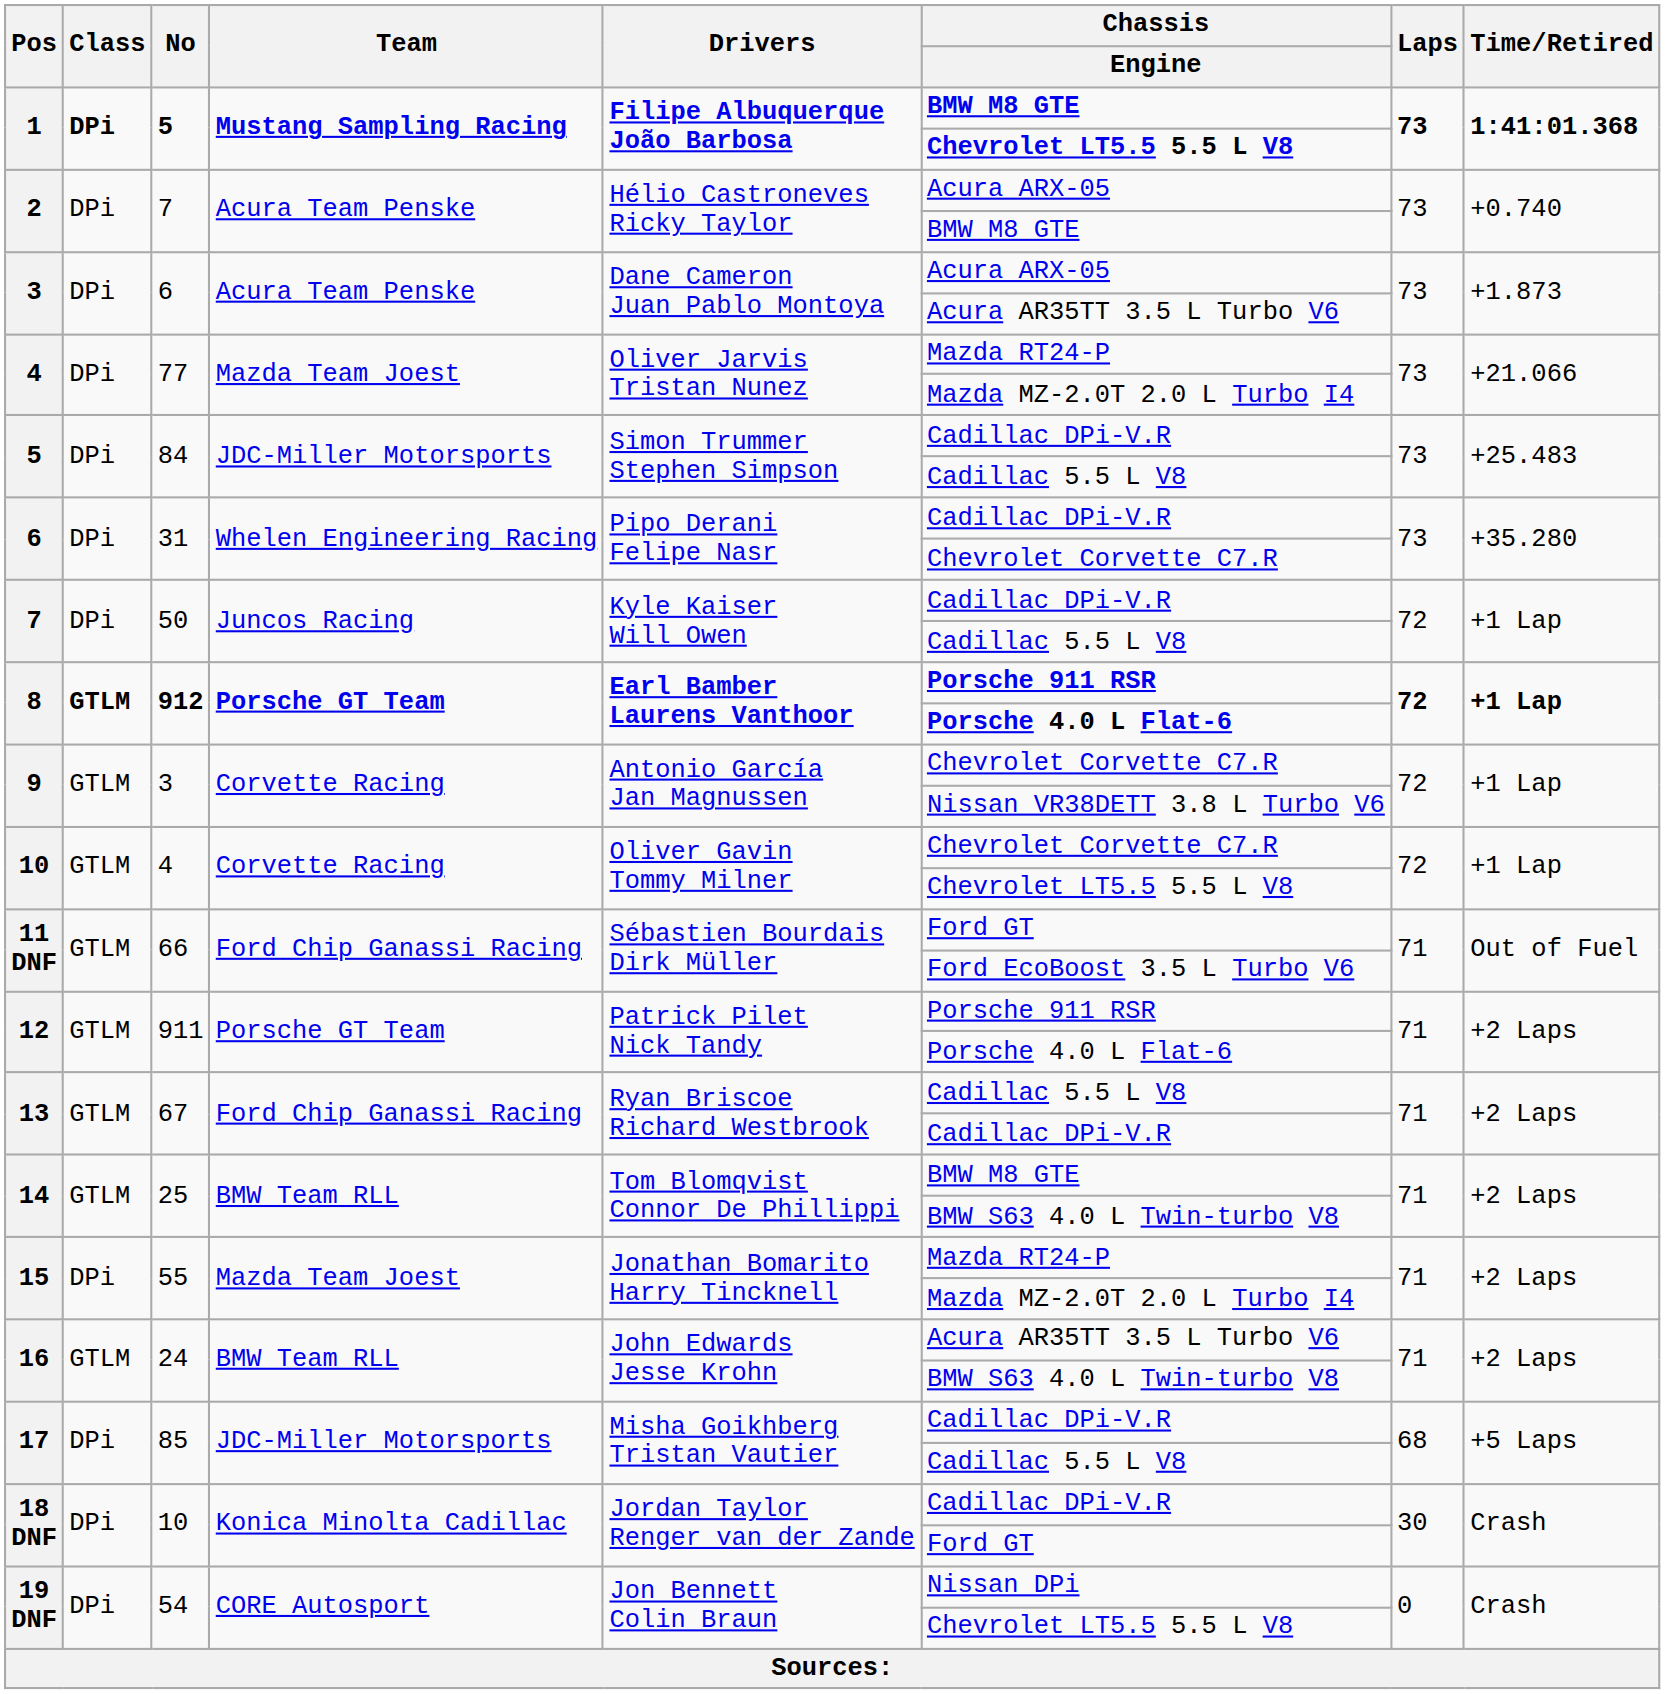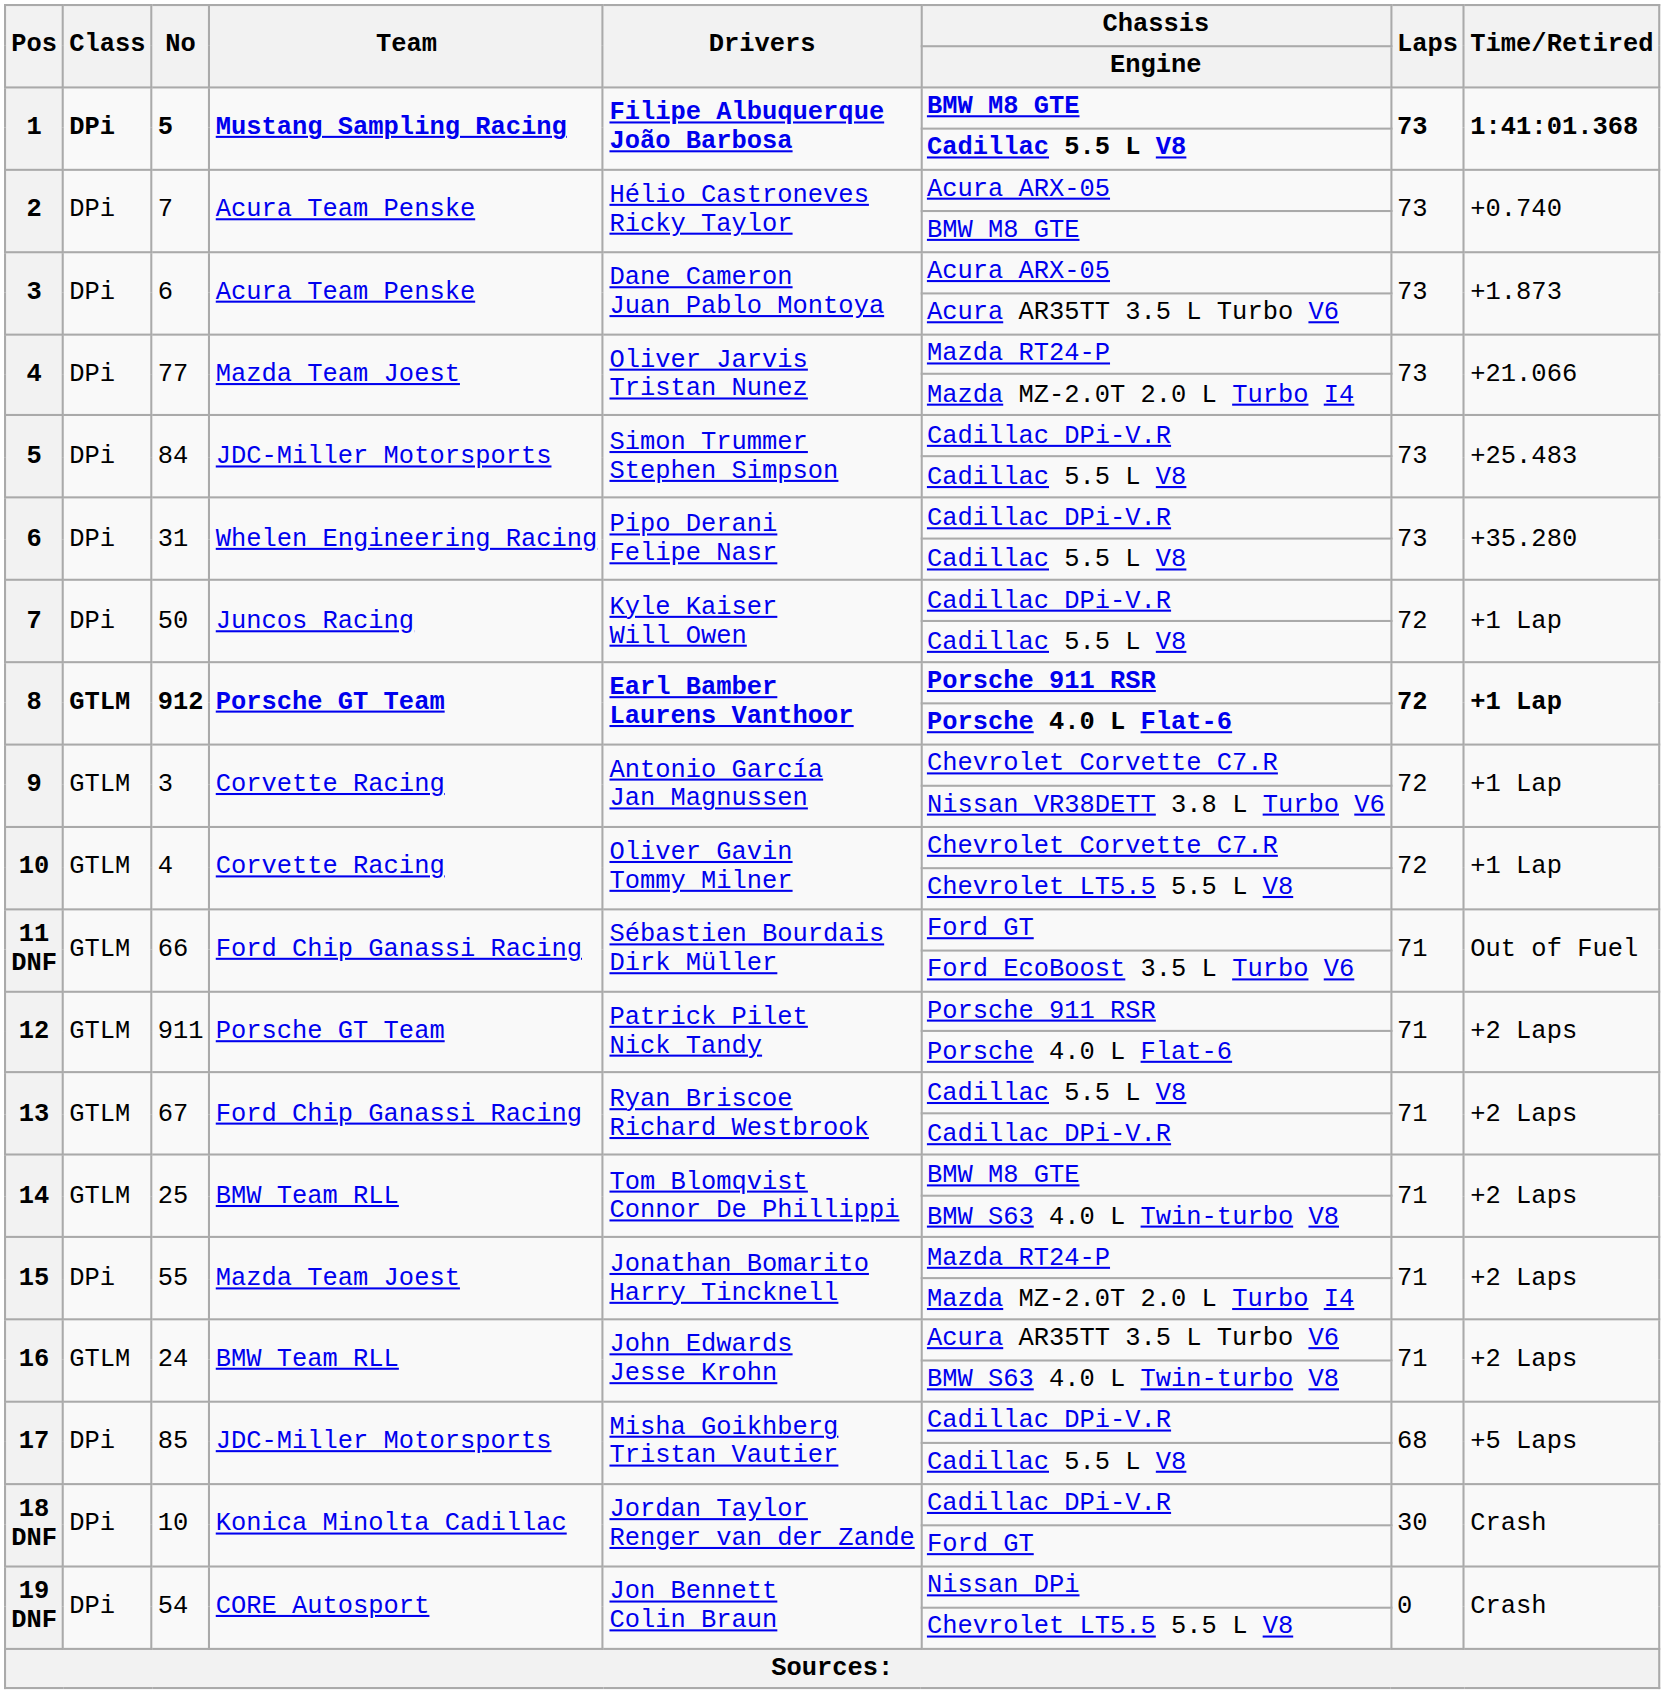 <table class="wikitable" style="font-size: 95%;">
 <tr>
 <th rowspan=2>Pos</th>
 <th rowspan=2>Class</th>
 <th rowspan=2>No</th>
 <th rowspan=2>Team</th>
 <th rowspan=2>Drivers</th>
 <th>Chassis</th>
 <th rowspan=2>Laps</th>
 <th rowspan=2>Time/Retired</th>
 </tr>
 <tr>
 <th>Engine</th>
 </tr>
 <tr style="font-weight:bold">
 <th rowspan=2>1</th>
 <td rowspan=2>DPi</td>
 <td rowspan=2>5</td>
 <td rowspan=2> <a href='#'>Mustang Sampling Racing</a></td>
 <td rowspan=2> <a href='#'>Filipe Albuquerque</a><br> <a href='#'>João Barbosa</a></td>
 <td><a href='#'>BMW M8 GTE</a></td>
 <td rowspan=2>73</td>
 <td rowspan=2>1:41:01.368</td>
 </tr>
 <tr style="font-weight:bold">
-<td><a href='#'>Chevrolet LT5.5</a> 5.5 L <a href='#'>V8</a></td>
+<td><a href='#'>Cadillac</a> 5.5 L <a href='#'>V8</a></td>
 </tr>
 <tr>
 <th rowspan=2>2</th>
 <td rowspan=2>DPi</td>
 <td rowspan=2>7</td>
 <td rowspan=2> <a href='#'>Acura Team Penske</a></td>
 <td rowspan=2> <a href='#'>Hélio Castroneves</a><br> <a href='#'>Ricky Taylor</a></td>
 <td><a href='#'>Acura ARX-05</a></td>
 <td rowspan=2>73</td>
 <td rowspan=2>+0.740</td>
 </tr>
 <tr>
 <td><a href='#'>BMW M8 GTE</a></td>
 </tr>
 <tr>
 <th rowspan=2>3</th>
 <td rowspan=2>DPi</td>
 <td rowspan=2>6</td>
 <td rowspan=2> <a href='#'>Acura Team Penske</a></td>
 <td rowspan=2> <a href='#'>Dane Cameron</a><br> <a href='#'>Juan Pablo Montoya</a></td>
 <td><a href='#'>Acura ARX-05</a></td>
 <td rowspan=2>73</td>
 <td rowspan=2>+1.873</td>
 </tr>
 <tr>
 <td><a href='#'>Acura</a> AR35TT 3.5 L Turbo <a href='#'>V6</a></td>
 </tr>
 <tr>
 <th rowspan=2>4</th>
 <td rowspan=2>DPi</td>
 <td rowspan=2>77</td>
 <td rowspan=2> <a href='#'>Mazda Team Joest</a></td>
 <td rowspan=2> <a href='#'>Oliver Jarvis</a><br> <a href='#'>Tristan Nunez</a></td>
 <td><a href='#'>Mazda RT24-P</a></td>
 <td rowspan=2>73</td>
 <td rowspan=2>+21.066</td>
 </tr>
 <tr>
 <td><a href='#'>Mazda</a> MZ-2.0T 2.0 L <a href='#'>Turbo</a> <a href='#'>I4</a></td>
 </tr>
 <tr>
 <th rowspan=2>5</th>
 <td rowspan=2>DPi</td>
 <td rowspan=2>84</td>
 <td rowspan=2> <a href='#'>JDC-Miller Motorsports</a></td>
 <td rowspan=2> <a href='#'>Simon Trummer</a><br> <a href='#'>Stephen Simpson</a></td>
 <td><a href='#'>Cadillac DPi-V.R</a></td>
 <td rowspan=2>73</td>
 <td rowspan=2>+25.483</td>
 </tr>
 <tr>
 <td><a href='#'>Cadillac</a> 5.5 L <a href='#'>V8</a></td>
 </tr>
 <tr>
 <th rowspan=2>6</th>
 <td rowspan=2>DPi</td>
 <td rowspan=2>31</td>
 <td rowspan=2> <a href='#'>Whelen Engineering Racing</a></td>
 <td rowspan=2> <a href='#'>Pipo Derani</a><br> <a href='#'>Felipe Nasr</a></td>
 <td><a href='#'>Cadillac DPi-V.R</a></td>
 <td rowspan=2>73</td>
 <td rowspan=2>+35.280</td>
 </tr>
 <tr>
-<td><a href='#'>Chevrolet Corvette C7.R</a></td>
+<td><a href='#'>Cadillac</a> 5.5 L <a href='#'>V8</a></td>
 </tr>
 <tr>
 <th rowspan=2>7</th>
 <td rowspan=2>DPi</td>
 <td rowspan=2>50</td>
 <td rowspan=2> <a href='#'>Juncos Racing</a></td>
 <td rowspan=2> <a href='#'>Kyle Kaiser</a><br> <a href='#'>Will Owen</a></td>
 <td><a href='#'>Cadillac DPi-V.R</a></td>
 <td rowspan=2>72</td>
 <td rowspan=2>+1 Lap</td>
 </tr>
 <tr>
 <td><a href='#'>Cadillac</a> 5.5 L <a href='#'>V8</a></td>
 </tr>
 <tr style="font-weight:bold">
 <th rowspan=2>8</th>
 <td rowspan=2>GTLM</td>
 <td rowspan=2>912</td>
 <td rowspan=2> <a href='#'>Porsche GT Team</a></td>
 <td rowspan=2> <a href='#'>Earl Bamber</a><br> <a href='#'>Laurens Vanthoor</a></td>
 <td><a href='#'>Porsche 911 RSR</a></td>
 <td rowspan=2>72</td>
 <td rowspan=2>+1 Lap</td>
 </tr>
 <tr style="font-weight:bold">
 <td><a href='#'>Porsche</a> 4.0 L <a href='#'>Flat-6</a></td>
 </tr>
 <tr>
 <th rowspan=2>9</th>
 <td rowspan=2>GTLM</td>
 <td rowspan=2>3</td>
 <td rowspan=2> <a href='#'>Corvette Racing</a></td>
 <td rowspan=2> <a href='#'>Antonio García</a><br> <a href='#'>Jan Magnussen</a></td>
 <td><a href='#'>Chevrolet Corvette C7.R</a></td>
 <td rowspan=2>72</td>
 <td rowspan=2>+1 Lap</td>
 </tr>
 <tr>
 <td><a href='#'>Nissan VR38DETT</a> 3.8 L <a href='#'>Turbo</a> <a href='#'>V6</a></td>
 </tr>
 <tr>
 <th rowspan=2>10</th>
 <td rowspan=2>GTLM</td>
 <td rowspan=2>4</td>
 <td rowspan=2> <a href='#'>Corvette Racing</a></td>
 <td rowspan=2> <a href='#'>Oliver Gavin</a><br> <a href='#'>Tommy Milner</a></td>
 <td><a href='#'>Chevrolet Corvette C7.R</a></td>
 <td rowspan=2>72</td>
 <td rowspan=2>+1 Lap</td>
 </tr>
 <tr>
 <td><a href='#'>Chevrolet LT5.5</a> 5.5 L <a href='#'>V8</a></td>
 </tr>
 <tr>
 <th rowspan=2>11<br>DNF</th>
 <td rowspan=2>GTLM</td>
 <td rowspan=2>66</td>
 <td rowspan=2> <a href='#'>Ford Chip Ganassi Racing</a></td>
 <td rowspan=2> <a href='#'>Sébastien Bourdais</a><br> <a href='#'>Dirk Müller</a></td>
 <td><a href='#'>Ford GT</a></td>
 <td rowspan=2>71</td>
 <td rowspan=2>Out of Fuel</td>
 </tr>
 <tr>
 <td><a href='#'>Ford EcoBoost</a> 3.5 L <a href='#'>Turbo</a> <a href='#'>V6</a></td>
 </tr>
 <tr>
 <th rowspan=2>12</th>
 <td rowspan=2>GTLM</td>
 <td rowspan=2>911</td>
 <td rowspan=2> <a href='#'>Porsche GT Team</a></td>
 <td rowspan=2> <a href='#'>Patrick Pilet</a><br> <a href='#'>Nick Tandy</a></td>
 <td><a href='#'>Porsche 911 RSR</a></td>
 <td rowspan=2>71</td>
 <td rowspan=2>+2 Laps</td>
 </tr>
 <tr>
 <td><a href='#'>Porsche</a> 4.0 L <a href='#'>Flat-6</a></td>
 </tr>
 <tr>
 <th rowspan=2>13</th>
 <td rowspan=2>GTLM</td>
 <td rowspan=2>67</td>
 <td rowspan=2> <a href='#'>Ford Chip Ganassi Racing</a></td>
 <td rowspan=2> <a href='#'>Ryan Briscoe</a><br> <a href='#'>Richard Westbrook</a></td>
 <td><a href='#'>Cadillac</a> 5.5 L <a href='#'>V8</a></td>
 <td rowspan=2>71</td>
 <td rowspan=2>+2 Laps</td>
 </tr>
 <tr>
 <td><a href='#'>Cadillac DPi-V.R</a></td>
 </tr>
 <tr>
 <th rowspan=2>14</th>
 <td rowspan=2>GTLM</td>
 <td rowspan=2>25</td>
 <td rowspan=2> <a href='#'>BMW Team RLL</a></td>
 <td rowspan=2> <a href='#'>Tom Blomqvist</a><br> <a href='#'>Connor De Phillippi</a></td>
 <td><a href='#'>BMW M8 GTE</a></td>
 <td rowspan=2>71</td>
 <td rowspan=2>+2 Laps</td>
 </tr>
 <tr>
 <td><a href='#'>BMW S63</a> 4.0 L <a href='#'>Twin-turbo</a> <a href='#'>V8</a></td>
 </tr>
 <tr>
 <th rowspan=2>15</th>
 <td rowspan=2>DPi</td>
 <td rowspan=2>55</td>
 <td rowspan=2> <a href='#'>Mazda Team Joest</a></td>
 <td rowspan=2> <a href='#'>Jonathan Bomarito</a><br> <a href='#'>Harry Tincknell</a></td>
 <td><a href='#'>Mazda RT24-P</a></td>
 <td rowspan=2>71</td>
 <td rowspan=2>+2 Laps</td>
 </tr>
 <tr>
 <td><a href='#'>Mazda</a> MZ-2.0T 2.0 L <a href='#'>Turbo</a> <a href='#'>I4</a></td>
 </tr>
 <tr>
 <th rowspan=2>16</th>
 <td rowspan=2>GTLM</td>
 <td rowspan=2>24</td>
 <td rowspan=2> <a href='#'>BMW Team RLL</a></td>
 <td rowspan=2> <a href='#'>John Edwards</a><br> <a href='#'>Jesse Krohn</a></td>
 <td><a href='#'>Acura</a> AR35TT 3.5 L Turbo <a href='#'>V6</a></td>
 <td rowspan=2>71</td>
 <td rowspan=2>+2 Laps</td>
 </tr>
 <tr>
 <td><a href='#'>BMW S63</a> 4.0 L <a href='#'>Twin-turbo</a> <a href='#'>V8</a></td>
 </tr>
 <tr>
 <th rowspan=2>17</th>
 <td rowspan=2>DPi</td>
 <td rowspan=2>85</td>
 <td rowspan=2> <a href='#'>JDC-Miller Motorsports</a></td>
 <td rowspan=2> <a href='#'>Misha Goikhberg</a><br> <a href='#'>Tristan Vautier</a></td>
 <td><a href='#'>Cadillac DPi-V.R</a></td>
 <td rowspan=2>68</td>
 <td rowspan=2>+5 Laps</td>
 </tr>
 <tr>
 <td><a href='#'>Cadillac</a> 5.5 L <a href='#'>V8</a></td>
 </tr>
 <tr>
 <th rowspan=2>18<br>DNF</th>
 <td rowspan=2>DPi</td>
 <td rowspan=2>10</td>
 <td rowspan=2> <a href='#'>Konica Minolta Cadillac</a></td>
 <td rowspan=2> <a href='#'>Jordan Taylor</a><br> <a href='#'>Renger van der Zande</a></td>
 <td><a href='#'>Cadillac DPi-V.R</a></td>
 <td rowspan=2>30</td>
 <td rowspan=2>Crash</td>
 </tr>
 <tr>
 <td><a href='#'>Ford GT</a></td>
 </tr>
 <tr>
 <th rowspan=2>19<br>DNF</th>
 <td rowspan=2>DPi</td>
 <td rowspan=2>54</td>
 <td rowspan=2> <a href='#'>CORE Autosport</a></td>
 <td rowspan=2> <a href='#'>Jon Bennett</a><br> <a href='#'>Colin Braun</a></td>
 <td><a href='#'>Nissan DPi</a></td>
 <td rowspan=2>0</td>
 <td rowspan=2>Crash</td>
 </tr>
 <tr>
 <td><a href='#'>Chevrolet LT5.5</a> 5.5 L <a href='#'>V8</a></td>
 </tr>
 <tr>
 <th colspan=8>Sources:</th>
 </tr>
 </table>
